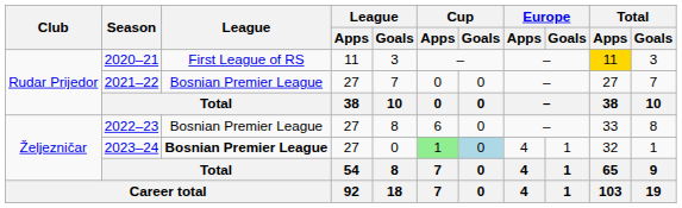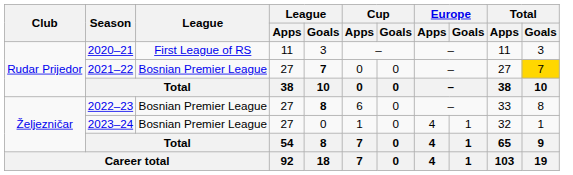 <table class="wikitable" style="text-align: center;font-size:90%">
 <tr>
 <th rowspan="2">Club</th>
 <th rowspan="2">Season</th>
 <th rowspan="2">League</th>
 <th colspan="2">League</th>
 <th colspan="2">Cup</th>
 <th colspan="2"><a href='#'>Europe</a></th>
 <th colspan="2">Total</th>
 </tr>
 <tr>
 <th>Apps</th>
 <th>Goals</th>
 <th>Apps</th>
 <th>Goals</th>
 <th>Apps</th>
 <th>Goals</th>
 <th>Apps</th>
 <th>Goals</th>
 </tr>
 <tr>
 <td rowspan="3"><a href='#'>Rudar Prijedor</a></td>
 <td><a href='#'>2020–21</a></td>
 <td><a href='#'>First League of RS</a></td>
 <td>11</td>
 <td>3</td>
 <td colspan="2">–</td>
 <td colspan="2">–</td>
-<td style="background: gold;">11</td>
+<td>11</td>
 <td>3</td>
 </tr>
 <tr>
 <td><a href='#'>2021–22</a></td>
 <td><a href='#'>Bosnian Premier League</a></td>
 <td>27</td>
-<td>7</td>
+<td><strong>7</strong></td>
 <td>0</td>
 <td>0</td>
 <td colspan="2">–</td>
 <td>27</td>
-<td>7</td>
+<td style="background: gold;">7</td>
 </tr>
 <tr>
 <th colspan="2">Total</th>
 <th>38</th>
 <th>10</th>
 <th>0</th>
 <th>0</th>
 <th colspan="2">–</th>
 <th>38</th>
 <th>10</th>
 </tr>
 <tr>
 <td rowspan="3"><a href='#'>Željezničar</a></td>
 <td><a href='#'>2022–23</a></td>
 <td>Bosnian Premier League</td>
 <td>27</td>
-<td>8</td>
+<td><strong>8</strong></td>
 <td>6</td>
 <td>0</td>
 <td colspan="2">–</td>
 <td>33</td>
 <td>8</td>
 </tr>
 <tr>
 <td><a href='#'>2023–24</a></td>
-<td><strong>Bosnian Premier League</strong></td>
+<td>Bosnian Premier League</td>
 <td>27</td>
 <td>0</td>
-<td style="background: lightgreen;">1</td>
-<td style="background: lightblue;">0</td>
+<td>1</td>
+<td>0</td>
 <td>4</td>
 <td>1</td>
 <td>32</td>
 <td>1</td>
 </tr>
 <tr>
 <th colspan="2">Total</th>
 <th>54</th>
 <th>8</th>
 <th>7</th>
 <th>0</th>
 <th>4</th>
 <th>1</th>
 <th>65</th>
 <th>9</th>
 </tr>
 <tr>
 <th colspan="3">Career total</th>
 <th>92</th>
 <th>18</th>
 <th>7</th>
 <th>0</th>
 <th>4</th>
 <th>1</th>
 <th>103</th>
 <th>19</th>
 </tr>
 </table>
